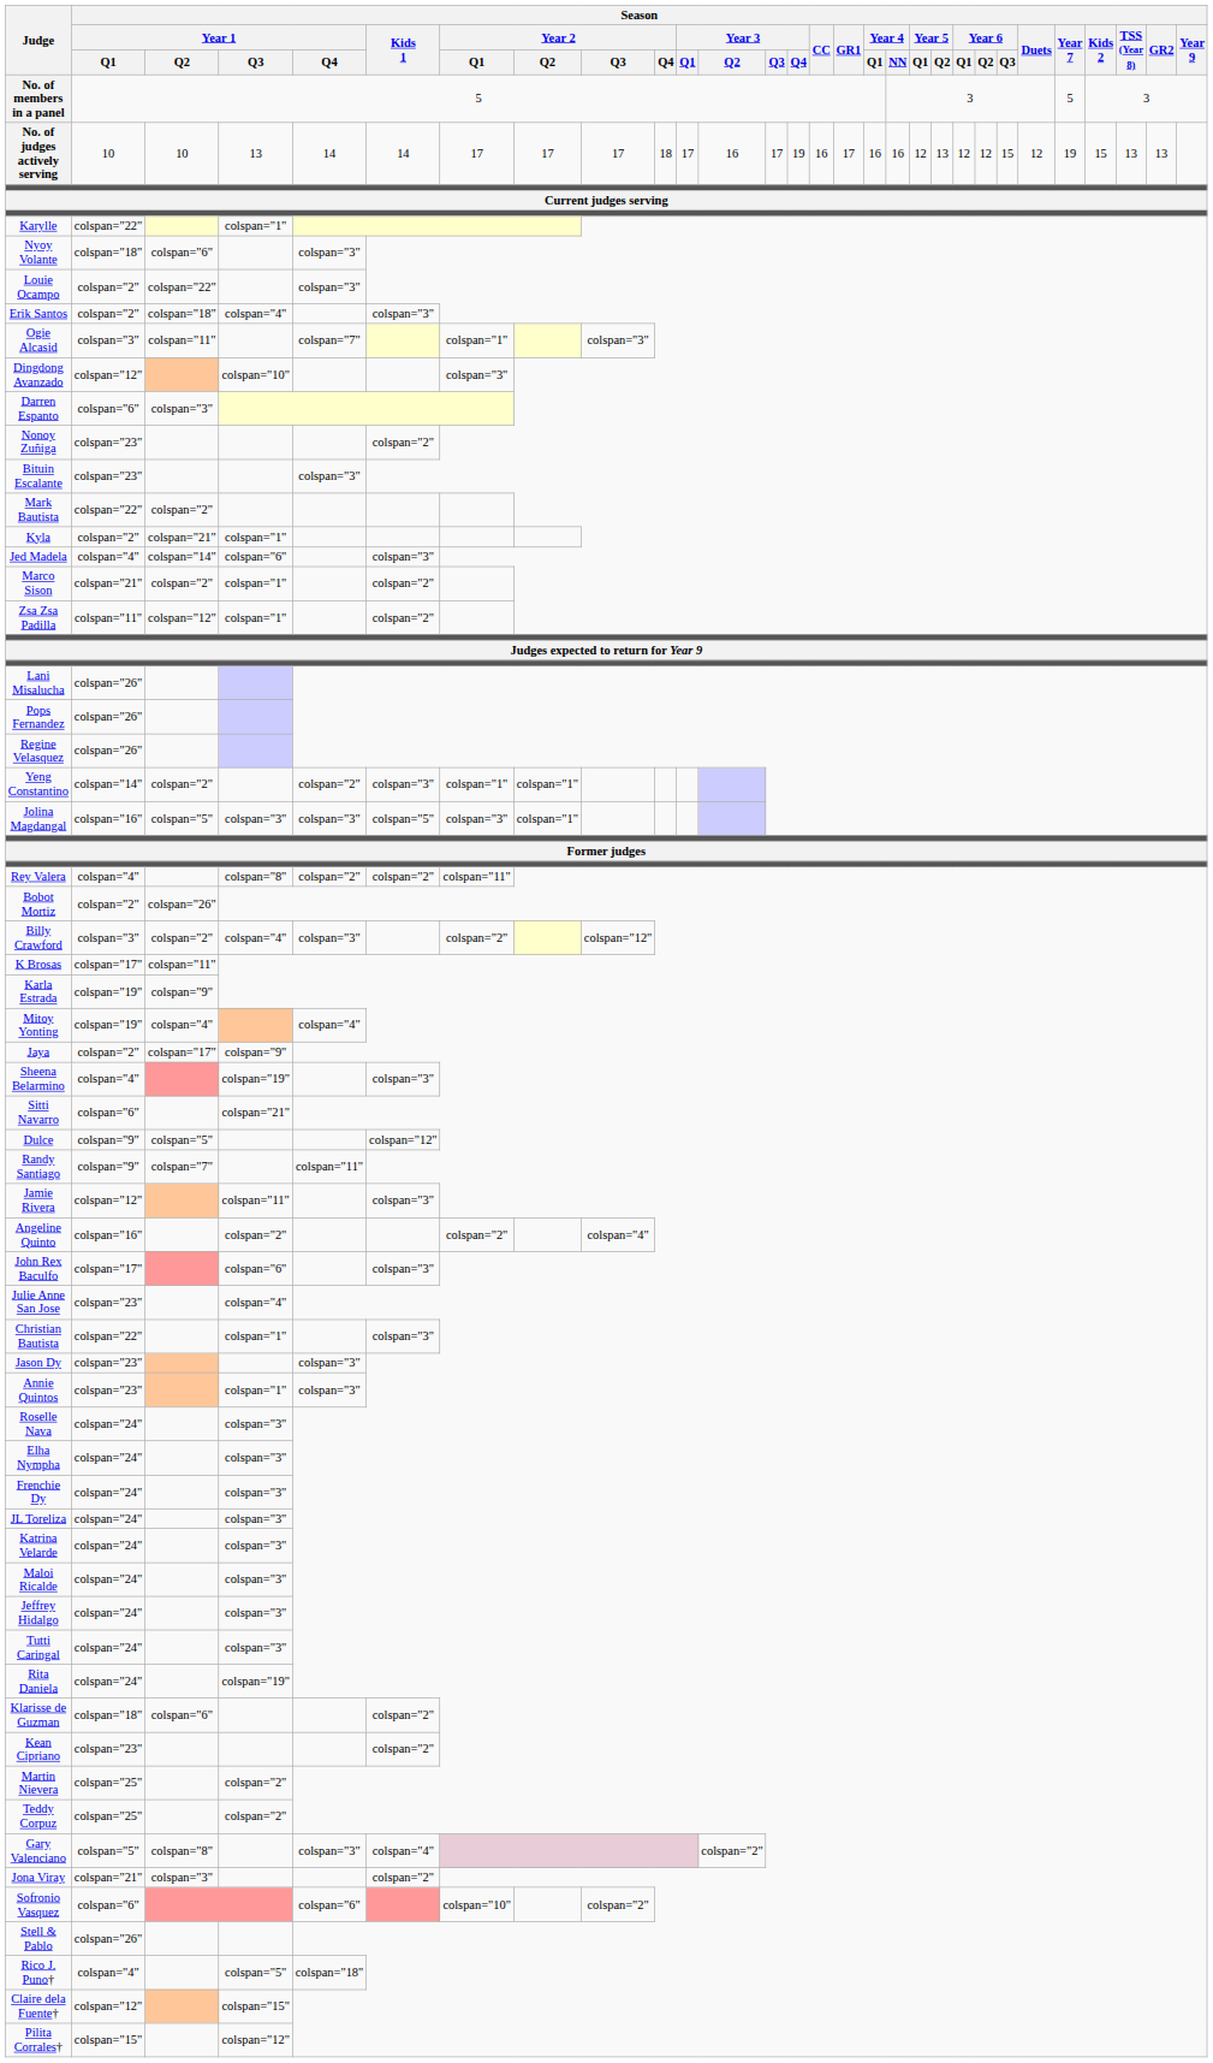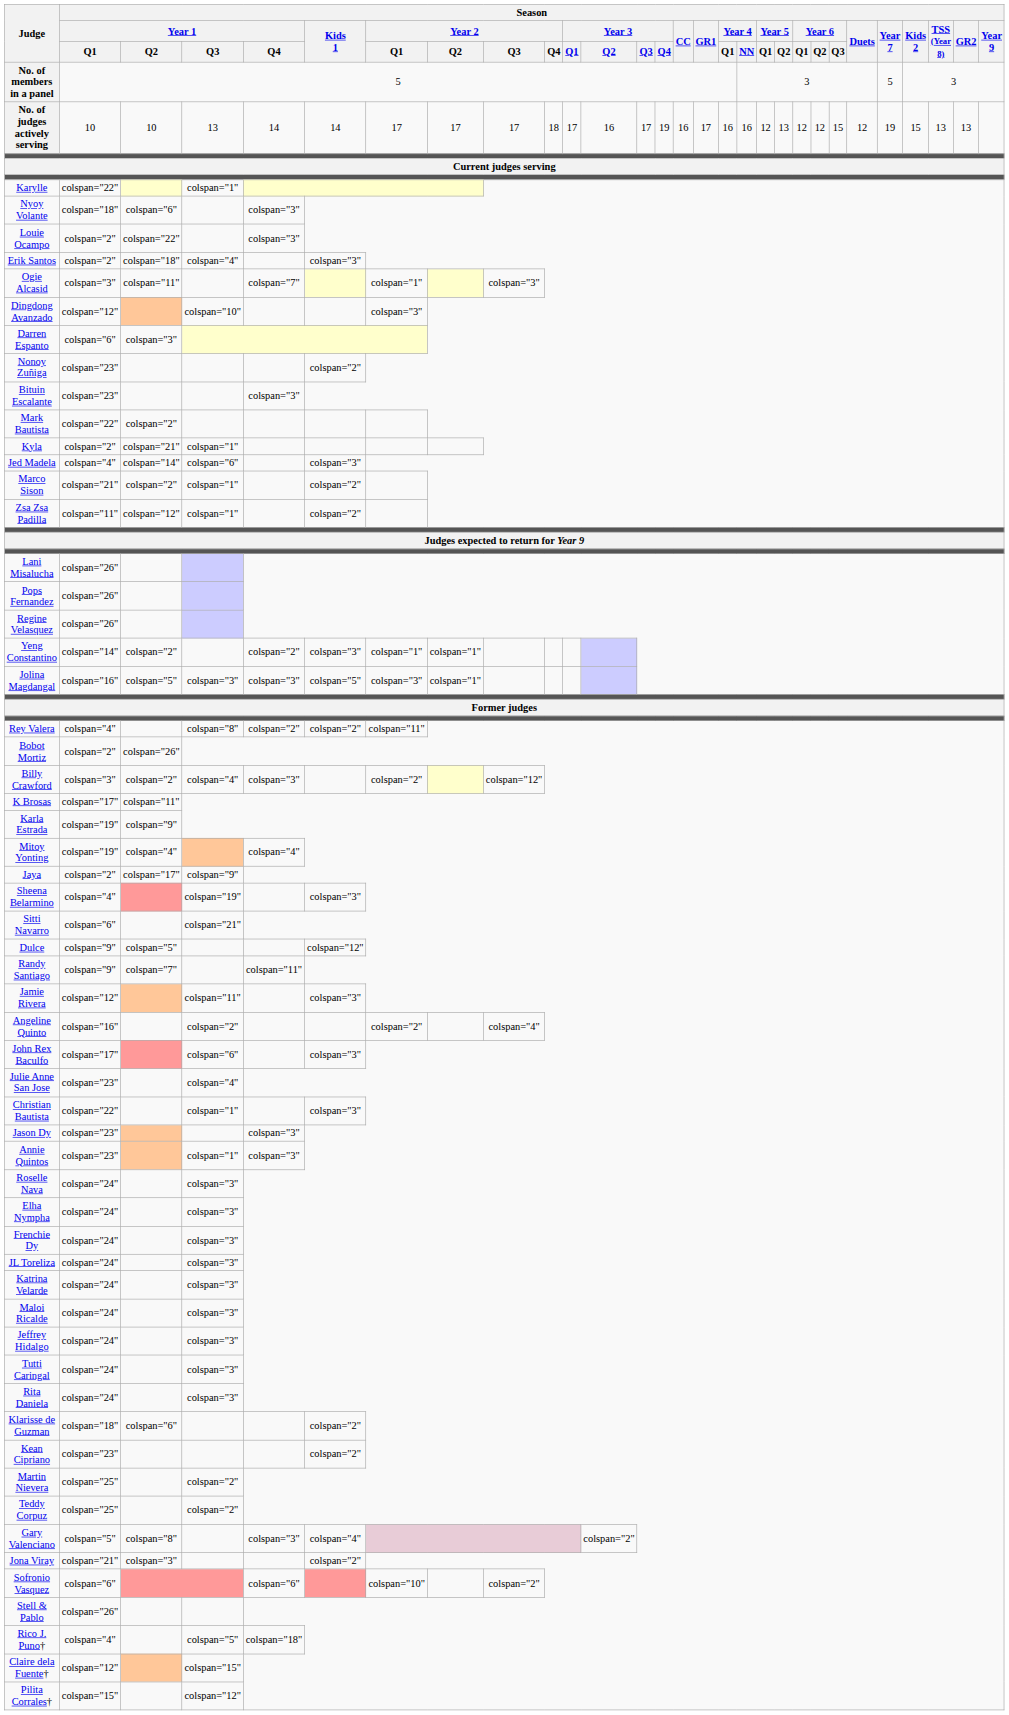 <table class="wikitable plainrowheaders collapsible mw-collapsible nowrap" style="width:100%; text-align:center;line-height:18px;">
 <tr>
 <th rowspan="3" style="width:15%;" scope="col" width="8%">Judge</th>
 <th colspan="28">Season</th>
 </tr>
 <tr>
 <th colspan="4" scope="col"><a href='#'>Year 1</a></th>
 <th rowspan="2" scope="col" width="03%"><a href='#'>Kids<br>1</a></th>
 <th colspan="4" scope="col"><a href='#'>Year 2</a></th>
 <th colspan="4" scope="col"><a href='#'>Year 3</a></th>
 <th rowspan="2" scope="col" width="03%"><a href='#'>CC</a></th>
 <th rowspan="2" scope="col" width="03%"><a href='#'>GR1</a></th>
 <th colspan="2" scope="col"><a href='#'>Year 4</a></th>
 <th colspan="2" scope="col"><a href='#'>Year 5</a></th>
 <th colspan="3" scope="col"><a href='#'>Year 6</a></th>
 <th rowspan="2" scope="col" width="03%"><a href='#'>Duets</a></th>
 <th rowspan="2" width="03%"><a href='#'>Year<br>7</a></th>
 <th rowspan="2" width="03%"><a href='#'>Kids<br>2</a></th>
 <th rowspan="2" width="03%"><a href='#'>TSS <br><small>(Year 8)</small></a></th>
 <th rowspan="2" scope="col" width="03%"><a href='#'>GR2</a></th>
 <th rowspan="2" scope="col" width="03%"><a href='#'>Year 9</a></th>
 </tr>
 <tr>
 <th width="03%">Q1</th>
 <th width="03%">Q2</th>
 <th width="03%">Q3</th>
 <th width="03%">Q4</th>
 <th width="03%">Q1</th>
 <th width="03%">Q2</th>
 <th width="03%">Q3</th>
 <th width="03%">Q4</th>
 <th width="03%"><a href='#'>Q1</a></th>
 <th width="03%"><a href='#'>Q2</a></th>
 <th width="03%"><a href='#'>Q3</a></th>
 <th width="03%"><a href='#'>Q4</a></th>
 <th width="03%">Q1</th>
 <th width="03%"><a href='#'>NN</a></th>
 <th width="03%">Q1</th>
 <th width="03%">Q2</th>
 <th width="03%">Q1</th>
 <th width="03%">Q2</th>
 <th width="03%">Q3</th>
 </tr>
 <tr>
 <th>No. of members in a panel</th>
 <td colspan="16">5</td>
 <td colspan="7">3</td>
 <td>5</td>
 <td colspan="4">3</td>
 </tr>
 <tr>
 <th>No. of judges actively serving</th>
 <td>10</td>
 <td>10</td>
 <td>13</td>
 <td>14</td>
 <td>14</td>
 <td>17</td>
 <td>17</td>
 <td>17</td>
 <td>18</td>
 <td>17</td>
 <td>16</td>
 <td>17</td>
 <td>19</td>
 <td>16</td>
 <td>17</td>
 <td>16</td>
 <td>16</td>
 <td>12</td>
 <td>13</td>
 <td>12</td>
 <td>12</td>
 <td>15</td>
 <td>12</td>
 <td>19</td>
 <td>15</td>
 <td>13</td>
 <td>13</td>
 <td></td>
 </tr>
 <tr>
 <th colspan="29" style="background:#555;"></th>
 </tr>
 <tr>
 <th colspan="29">Current judges serving</th>
 </tr>
 <tr>
 <th colspan="29" style="background:#555;"></th>
 </tr>
 <tr>
 <td><a href='#'>Karylle</a></td>
 <td>colspan="22" </td>
 <td colspan="1" style="background:#FFFFCC;"></td>
 <td>colspan="1" </td>
 <td colspan="4" style="background:#FFFFCC;"></td>
 </tr>
 <tr>
 <td><a href='#'>Nyoy Volante</a></td>
 <td>colspan="18" </td>
 <td>colspan="6" </td>
 <td></td>
 <td>colspan="3" </td>
 </tr>
 <tr>
 <td><a href='#'>Louie Ocampo</a></td>
 <td>colspan="2" </td>
 <td>colspan="22" </td>
 <td></td>
 <td>colspan="3" </td>
 </tr>
 <tr>
 <td><a href='#'>Erik Santos</a></td>
 <td>colspan="2" </td>
 <td>colspan="18" </td>
 <td>colspan="4" </td>
 <td></td>
 <td>colspan="3" </td>
 </tr>
 <tr>
 <td><a href='#'>Ogie Alcasid</a></td>
 <td>colspan="3" </td>
 <td>colspan="11" </td>
 <td></td>
 <td>colspan="7" </td>
 <td colspan="1" style="background:#FFFFCC;"></td>
 <td>colspan="1" </td>
 <td colspan="1" style="background:#FFFFCC;"></td>
 <td>colspan="3" </td>
 </tr>
 <tr>
 <td><a href='#'>Dingdong Avanzado</a></td>
 <td>colspan="12" </td>
 <td style="background-color:#ffc799"></td>
 <td>colspan="10" </td>
 <td></td>
 <td></td>
 <td>colspan="3" </td>
 </tr>
 <tr>
 <td><a href='#'>Darren Espanto</a></td>
 <td>colspan="6" </td>
 <td>colspan="3" </td>
 <td colspan="4" style="background:#FFFFCC;"></td>
 </tr>
 <tr>
 <td><a href='#'>Nonoy Zuñiga</a></td>
 <td>colspan="23" </td>
 <td></td>
 <td></td>
 <td></td>
 <td>colspan="2" </td>
 </tr>
 <tr>
 <td><a href='#'>Bituin Escalante</a></td>
 <td>colspan="23" </td>
 <td></td>
 <td></td>
 <td>colspan="3" </td>
 </tr>
 <tr>
 <td><a href='#'>Mark Bautista</a></td>
 <td>colspan="22" </td>
 <td>colspan="2" </td>
 <td></td>
 <td></td>
 <td></td>
 <td></td>
 </tr>
 <tr>
 <td><a href='#'>Kyla</a></td>
 <td>colspan="2" </td>
 <td>colspan="21" </td>
 <td>colspan="1" </td>
 <td></td>
 <td></td>
 <td></td>
 <td></td>
 </tr>
 <tr>
 <td><a href='#'>Jed Madela</a></td>
 <td>colspan="4" </td>
 <td>colspan="14" </td>
 <td>colspan="6" </td>
 <td></td>
 <td>colspan="3" </td>
 </tr>
 <tr>
 <td><a href='#'>Marco Sison</a></td>
 <td>colspan="21" </td>
 <td>colspan="2" </td>
 <td>colspan="1" </td>
 <td></td>
 <td>colspan="2" </td>
 <td></td>
 </tr>
 <tr>
 <td><a href='#'>Zsa Zsa Padilla</a></td>
 <td>colspan="11" </td>
 <td>colspan="12" </td>
 <td>colspan="1" </td>
 <td></td>
 <td>colspan="2" </td>
 <td></td>
 </tr>
 <tr>
 <th colspan="29" style="background:#555;"></th>
 </tr>
 <tr>
 <th colspan="29">Judges expected to return for <em>Year 9</em></th>
 </tr>
 <tr>
 <th colspan="29" style="background:#555;"></th>
 </tr>
 <tr>
 <td><a href='#'>Lani Misalucha</a></td>
 <td>colspan="26" </td>
 <td></td>
 <td style="background:#CCCCFF;"></td>
 </tr>
 <tr>
 <td><a href='#'>Pops Fernandez</a></td>
 <td>colspan="26" </td>
 <td></td>
 <td style="background:#CCCCFF;"></td>
 </tr>
 <tr>
 <td><a href='#'>Regine Velasquez</a></td>
 <td>colspan="26" </td>
 <td></td>
 <td style="background:#CCCCFF;"></td>
 </tr>
 <tr>
 <td><a href='#'>Yeng Constantino</a></td>
 <td>colspan="14" </td>
 <td>colspan="2" </td>
 <td></td>
 <td>colspan="2" </td>
 <td>colspan="3" </td>
 <td>colspan="1" </td>
 <td>colspan="1" </td>
 <td></td>
 <td></td>
 <td></td>
 <td style="background:#CCCCFF;"></td>
 </tr>
 <tr>
 <td><a href='#'>Jolina Magdangal</a></td>
 <td>colspan="16" </td>
 <td>colspan="5" </td>
 <td>colspan="3" </td>
 <td>colspan="3" </td>
 <td>colspan="5" </td>
 <td>colspan="3" </td>
 <td>colspan="1" </td>
 <td></td>
 <td></td>
 <td></td>
 <td style="background:#CCCCFF;"></td>
 </tr>
 <tr>
 <th colspan="29" style="background:#555;"></th>
 </tr>
 <tr>
 <th colspan="29">Former judges</th>
 </tr>
 <tr>
 <th colspan="29" style="background:#555;"></th>
 </tr>
 <tr>
 <td><a href='#'>Rey Valera</a></td>
 <td>colspan="4" </td>
 <td></td>
 <td>colspan="8" </td>
 <td>colspan="2" </td>
 <td>colspan="2" </td>
 <td>colspan="11" </td>
 </tr>
 <tr>
 <td><a href='#'>Bobot Mortiz</a></td>
 <td>colspan="2" </td>
 <td>colspan="26" </td>
 </tr>
 <tr>
 <td><a href='#'>Billy Crawford</a></td>
 <td>colspan="3" </td>
 <td>colspan="2" </td>
 <td>colspan="4" </td>
 <td>colspan="3" </td>
 <td></td>
 <td>colspan="2" </td>
 <td colspan="1" style="background:#FFFFCC;"></td>
 <td>colspan="12" </td>
 </tr>
 <tr>
 <td><a href='#'>K Brosas</a></td>
 <td>colspan="17" </td>
 <td>colspan="11" </td>
 </tr>
 <tr>
 <td><a href='#'>Karla Estrada</a></td>
 <td>colspan="19" </td>
 <td>colspan="9" </td>
 </tr>
 <tr>
 <td><a href='#'>Mitoy Yonting</a></td>
 <td>colspan="19" </td>
 <td>colspan="4" </td>
 <td style="background-color:#ffc799"></td>
 <td>colspan="4" </td>
 </tr>
 <tr>
 <td><a href='#'>Jaya</a></td>
 <td>colspan="2" </td>
 <td>colspan="17" </td>
 <td>colspan="9" </td>
 </tr>
 <tr>
 <td><a href='#'>Sheena Belarmino</a></td>
 <td>colspan="4" </td>
 <td style="background:#ff9999"></td>
 <td>colspan="19" </td>
 <td></td>
 <td>colspan="3" </td>
 </tr>
 <tr>
 <td><a href='#'>Sitti Navarro</a></td>
 <td>colspan="6" </td>
 <td></td>
 <td>colspan="21" </td>
 </tr>
 <tr>
 <td><a href='#'>Dulce</a></td>
 <td>colspan="9" </td>
 <td>colspan="5" </td>
 <td></td>
 <td></td>
 <td>colspan="12" </td>
 </tr>
 <tr>
 <td><a href='#'>Randy Santiago</a></td>
 <td>colspan="9" </td>
 <td>colspan="7" </td>
 <td></td>
 <td>colspan="11" </td>
 </tr>
 <tr>
 <td><a href='#'>Jamie Rivera</a></td>
 <td>colspan="12" </td>
 <td style="background:#ffc799"></td>
 <td>colspan="11" </td>
 <td></td>
 <td>colspan="3" </td>
 </tr>
 <tr>
 <td><a href='#'>Angeline Quinto</a></td>
 <td>colspan="16" </td>
 <td></td>
 <td>colspan="2" </td>
 <td></td>
 <td></td>
 <td>colspan="2" </td>
 <td></td>
 <td>colspan="4" </td>
 </tr>
 <tr>
 <td><a href='#'>John Rex Baculfo</a></td>
 <td>colspan="17" </td>
 <td style="background:#ff9999"></td>
 <td>colspan="6" </td>
 <td></td>
 <td>colspan="3" </td>
 </tr>
 <tr>
 <td><a href='#'>Julie Anne San Jose</a></td>
 <td>colspan="23" </td>
 <td></td>
 <td>colspan="4" </td>
 </tr>
 <tr>
 <td><a href='#'>Christian Bautista</a></td>
 <td>colspan="22" </td>
 <td></td>
 <td>colspan="1" </td>
 <td></td>
 <td>colspan="3" </td>
 </tr>
 <tr>
 <td><a href='#'>Jason Dy</a></td>
 <td>colspan="23" </td>
 <td style="background:#ffc799"></td>
 <td></td>
 <td>colspan="3" </td>
 </tr>
 <tr>
 <td><a href='#'>Annie Quintos</a></td>
 <td>colspan="23" </td>
 <td style="background:#ffc799"></td>
 <td>colspan="1" </td>
 <td>colspan="3" </td>
 </tr>
 <tr>
 <td><a href='#'>Roselle Nava</a></td>
 <td>colspan="24" </td>
 <td></td>
 <td>colspan="3" </td>
 </tr>
 <tr>
 <td><a href='#'>Elha Nympha</a></td>
 <td>colspan="24" </td>
 <td></td>
 <td>colspan="3" </td>
 </tr>
 <tr>
 <td><a href='#'>Frenchie Dy</a></td>
 <td>colspan="24" </td>
 <td></td>
 <td>colspan="3" </td>
 </tr>
 <tr>
 <td><a href='#'>JL Toreliza</a></td>
 <td>colspan="24" </td>
 <td></td>
 <td>colspan="3" </td>
 </tr>
 <tr>
 <td><a href='#'>Katrina Velarde</a></td>
 <td>colspan="24" </td>
 <td></td>
 <td>colspan="3" </td>
 </tr>
 <tr>
 <td><a href='#'>Maloi Ricalde</a></td>
 <td>colspan="24" </td>
 <td></td>
 <td>colspan="3" </td>
 </tr>
 <tr>
 <td><a href='#'>Jeffrey Hidalgo</a></td>
 <td>colspan="24" </td>
 <td></td>
 <td>colspan="3" </td>
 </tr>
 <tr>
 <td><a href='#'>Tutti Caringal</a></td>
 <td>colspan="24" </td>
 <td></td>
 <td>colspan="3" </td>
 </tr>
 <tr>
 <td><a href='#'>Rita Daniela</a></td>
 <td>colspan="24" </td>
 <td></td>
-<td>colspan="19" </td>
+<td>colspan="3" </td>
 </tr>
 <tr>
 <td><a href='#'>Klarisse de Guzman</a></td>
 <td>colspan="18" </td>
 <td>colspan="6" </td>
 <td></td>
 <td></td>
 <td>colspan="2" </td>
 </tr>
 <tr>
 <td><a href='#'>Kean Cipriano</a></td>
 <td>colspan="23" </td>
 <td></td>
 <td></td>
 <td></td>
 <td>colspan="2" </td>
 </tr>
 <tr>
 <td><a href='#'>Martin Nievera</a></td>
 <td>colspan="25" </td>
 <td></td>
 <td>colspan="2" </td>
 </tr>
 <tr>
 <td><a href='#'>Teddy Corpuz</a></td>
 <td>colspan="25" </td>
 <td></td>
 <td>colspan="2" </td>
 </tr>
 <tr>
 <td><a href='#'>Gary Valenciano</a></td>
 <td>colspan="5" </td>
 <td>colspan="8" </td>
 <td></td>
 <td>colspan="3" </td>
 <td>colspan="4" </td>
 <td colspan="5" style="background-color:#e8ccd7"></td>
 <td>colspan="2" </td>
 </tr>
 <tr>
 <td><a href='#'>Jona Viray</a></td>
 <td>colspan="21" </td>
 <td>colspan="3" </td>
 <td></td>
 <td></td>
 <td>colspan="2" </td>
 </tr>
 <tr>
 <td><a href='#'>Sofronio Vasquez</a></td>
 <td>colspan="6" </td>
 <td colspan="2" style="background:#ff9999"></td>
 <td>colspan="6" </td>
 <td style="background:#ff9999"></td>
 <td>colspan="10" </td>
 <td></td>
 <td>colspan="2" </td>
 </tr>
 <tr>
 <td><a href='#'>Stell & Pablo</a></td>
 <td>colspan="26" </td>
 <td></td>
 <td></td>
 </tr>
 <tr>
 <td><a href='#'>Rico J. Puno</a>†</td>
 <td>colspan="4" </td>
 <td></td>
 <td>colspan="5" </td>
 <td>colspan="18" </td>
 </tr>
 <tr>
 <td><a href='#'>Claire dela Fuente</a>†</td>
 <td>colspan="12" </td>
 <td style="background-color:#ffc799"></td>
 <td>colspan="15" </td>
 </tr>
 <tr>
 <td><a href='#'>Pilita Corrales</a>†</td>
 <td>colspan="15" </td>
 <td></td>
 <td>colspan="12" </td>
 </tr>
 </table>
